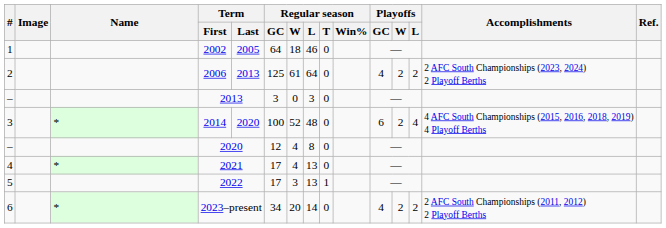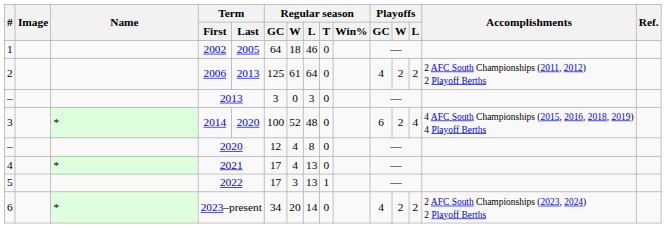 <table class="wikitable sortable" style="text-align:center">
 <tr>
 <th rowspan="2" class="unsortable">#</th>
 <th rowspan="2" class="unsortable">Image</th>
 <th rowspan="2" width="200">Name</th>
 <th colspan="2">Term</th>
 <th colspan="5">Regular season</th>
 <th colspan="3">Playoffs</th>
 <th rowspan="2" class="unsortable">Accomplishments</th>
 <th rowspan="2" class="unsortable">Ref.</th>
 </tr>
 <tr>
 <th>First</th>
 <th>Last</th>
 <th>GC</th>
 <th>W</th>
 <th>L</th>
 <th class="unsortable">T</th>
 <th>Win%</th>
 <th>GC</th>
 <th>W</th>
 <th>L</th>
 </tr>
 <tr>
 <td>1</td>
 <td></td>
 <td align="left"></td>
 <td><a href='#'>2002</a></td>
 <td><a href='#'>2005</a></td>
 <td>64</td>
 <td>18</td>
 <td>46</td>
 <td>0</td>
 <td></td>
 <td colspan="3">—</td>
 <td></td>
 <td></td>
 </tr>
 <tr>
 <td>2</td>
 <td></td>
 <td align="left"></td>
 <td><a href='#'>2006</a></td>
 <td><a href='#'>2013</a></td>
 <td>125</td>
 <td>61</td>
 <td>64</td>
 <td>0</td>
 <td></td>
 <td>4</td>
 <td>2</td>
 <td>2</td>
-<td align="left"><small>2 <a href='#'>AFC South</a> Championships (<a href='#'>2023</a>, <a href='#'>2024</a>)<br> 2 <a href='#'>Playoff Berths</a></small></td>
+<td align="left"><small>2 <a href='#'>AFC South</a> Championships (<a href='#'>2011</a>, <a href='#'>2012</a>)<br>2 <a href='#'>Playoff Berths</a></small></td>
 <td></td>
 </tr>
 <tr>
 <td>–</td>
 <td></td>
 <td align="left"></td>
 <td colspan="2"><a href='#'>2013</a></td>
 <td>3</td>
 <td>0</td>
 <td>3</td>
 <td>0</td>
 <td></td>
 <td colspan="3">—</td>
 <td></td>
 <td></td>
 </tr>
 <tr>
 <td>3</td>
 <td></td>
 <td bgcolor="#DDFFDD" align="left">*</td>
 <td><a href='#'>2014</a></td>
 <td><a href='#'>2020</a></td>
 <td>100</td>
 <td>52</td>
 <td>48</td>
 <td>0</td>
 <td></td>
 <td>6</td>
 <td>2</td>
 <td>4</td>
 <td align="left"><small>4 <a href='#'>AFC South</a> Championships (<a href='#'>2015</a>, <a href='#'>2016</a>, <a href='#'>2018</a>, <a href='#'>2019</a>)<br> 4 <a href='#'>Playoff Berths</a></small></td>
 <td></td>
 </tr>
 <tr>
 <td>–</td>
 <td></td>
 <td align="left"></td>
 <td colspan="2"><a href='#'>2020</a></td>
 <td>12</td>
 <td>4</td>
 <td>8</td>
 <td>0</td>
 <td></td>
 <td colspan="3">—</td>
 <td></td>
 <td></td>
 </tr>
 <tr>
 <td>4</td>
 <td></td>
 <td align="left" style="background:#dfd;">*</td>
 <td colspan="2"><a href='#'>2021</a></td>
 <td>17</td>
 <td>4</td>
 <td>13</td>
 <td>0</td>
 <td></td>
 <td colspan="3">—</td>
 <td></td>
 <td></td>
 </tr>
 <tr>
 <td>5</td>
 <td></td>
 <td align="left"></td>
 <td colspan="2"><a href='#'>2022</a></td>
 <td>17</td>
 <td>3</td>
 <td>13</td>
 <td>1</td>
 <td></td>
 <td colspan="3">—</td>
 <td></td>
 <td></td>
 </tr>
 <tr>
 <td>6</td>
 <td></td>
 <td align="left" style="background:#dfd;">*</td>
 <td colspan="2"><a href='#'>2023</a>–present</td>
 <td>34</td>
 <td>20</td>
 <td>14</td>
 <td>0</td>
 <td></td>
 <td>4</td>
 <td>2</td>
 <td>2</td>
-<td align="left"><small>2 <a href='#'>AFC South</a> Championships (<a href='#'>2011</a>, <a href='#'>2012</a>)<br>2 <a href='#'>Playoff Berths</a></small></td>
+<td align="left"><small>2 <a href='#'>AFC South</a> Championships (<a href='#'>2023</a>, <a href='#'>2024</a>)<br> 2 <a href='#'>Playoff Berths</a></small></td>
 <td></td>
 </tr>
 </table>
